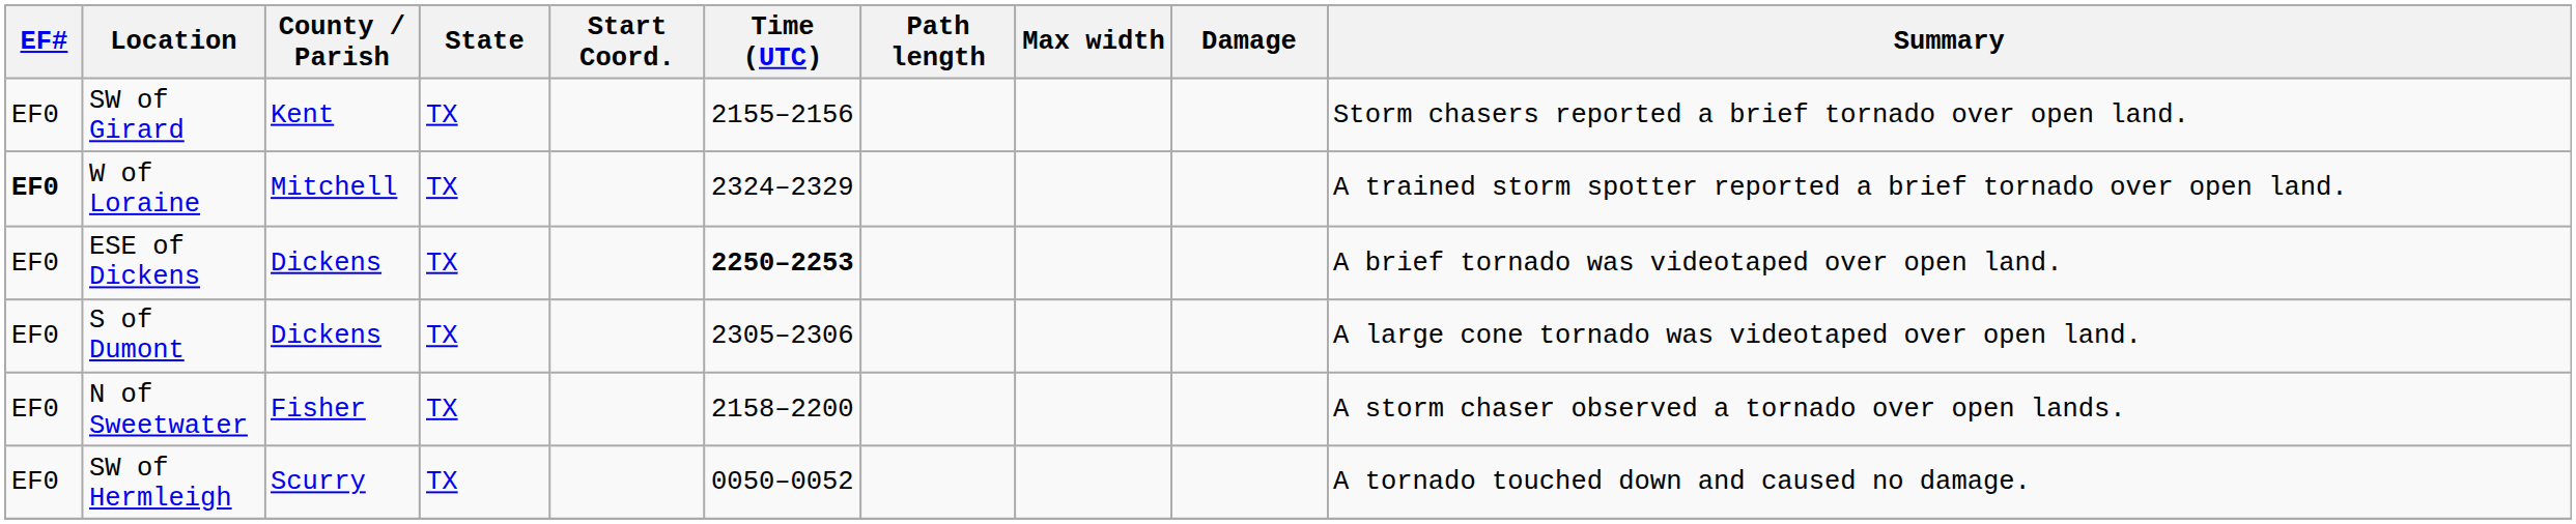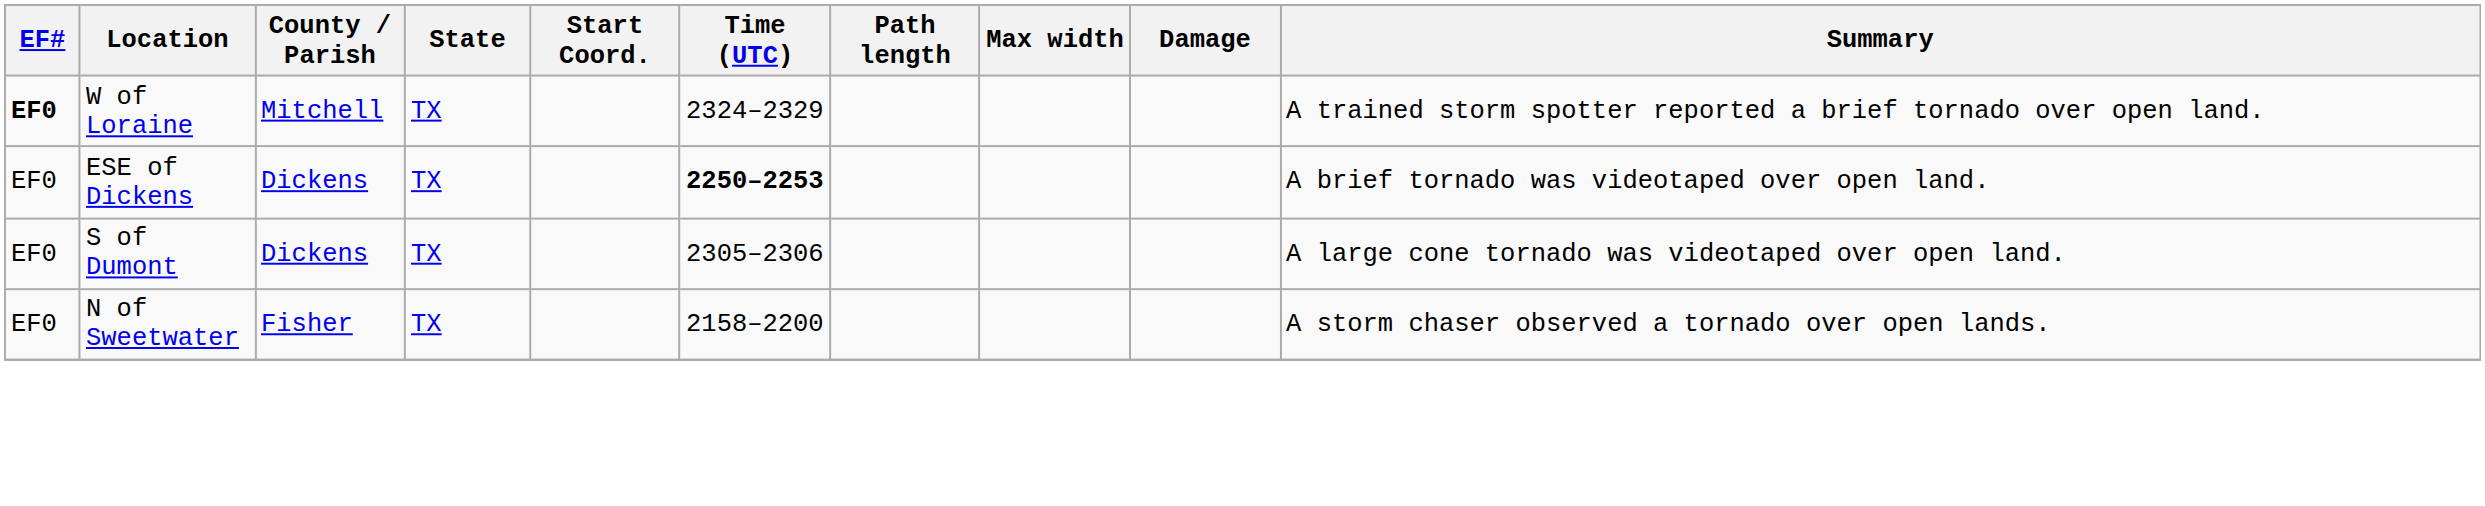 <table class="wikitable sortable" style="width:100%;">
 <tr>
 <th scope="col" width="3%" align="center"><a href='#'>EF#</a></th>
 <th scope="col" width="7%" align="center" class="unsortable">Location</th>
 <th scope="col" width="6%" align="center" class="unsortable">County / Parish</th>
 <th scope="col" width="5%" align="center">State</th>
 <th scope="col" width="6%" align="center">Start Coord.</th>
 <th scope="col" width="6%" align="center">Time (<a href='#'>UTC</a>)</th>
 <th scope="col" width="6%" align="center">Path length</th>
 <th scope="col" width="6%" align="center">Max width</th>
 <th scope="col" width="6%" align="center">Damage</th>
 <th scope="col" width="48%" class="unsortable" align="center">Summary</th>
-</tr>
-<tr>
-<td>EF0</td>
-<td>SW of <a href='#'>Girard</a></td>
-<td><a href='#'>Kent</a></td>
-<td><a href='#'>TX</a></td>
-<td></td>
-<td>2155–2156</td>
-<td></td>
-<td></td>
-<td></td>
-<td>Storm chasers reported a brief tornado over open land.</td>
 </tr>
 <tr>
 <td><strong>EF0</strong></td>
 <td>W of <a href='#'>Loraine</a></td>
 <td><a href='#'>Mitchell</a></td>
 <td><a href='#'>TX</a></td>
 <td></td>
 <td>2324–2329</td>
 <td></td>
 <td></td>
 <td></td>
 <td>A trained storm spotter reported a brief tornado over open land.</td>
 </tr>
 <tr>
 <td>EF0</td>
 <td>ESE of <a href='#'>Dickens</a></td>
 <td><a href='#'>Dickens</a></td>
 <td><a href='#'>TX</a></td>
 <td></td>
 <td><strong>2250–2253</strong></td>
 <td></td>
 <td></td>
 <td></td>
 <td>A brief tornado was videotaped over open land.</td>
 </tr>
 <tr>
 <td>EF0</td>
 <td>S of <a href='#'>Dumont</a></td>
 <td><a href='#'>Dickens</a></td>
 <td><a href='#'>TX</a></td>
 <td></td>
 <td>2305–2306</td>
 <td></td>
 <td></td>
 <td></td>
 <td>A large cone tornado was videotaped over open land.</td>
 </tr>
 <tr>
 <td>EF0</td>
 <td>N of <a href='#'>Sweetwater</a></td>
 <td><a href='#'>Fisher</a></td>
 <td><a href='#'>TX</a></td>
 <td></td>
 <td>2158–2200</td>
 <td></td>
 <td></td>
 <td></td>
 <td>A storm chaser observed a tornado over open lands.</td>
 </tr>
 <tr>
-<td>EF0</td>
-<td>SW of <a href='#'>Hermleigh</a></td>
-<td><a href='#'>Scurry</a></td>
-<td><a href='#'>TX</a></td>
-<td></td>
-<td>0050–0052</td>
-<td></td>
-<td></td>
-<td></td>
-<td>A tornado touched down and caused no damage.</td>
-</tr>
-<tr>
 </tr>
 </table>
